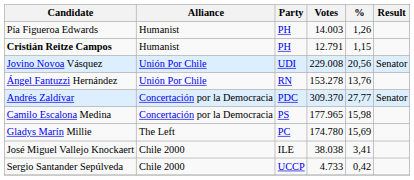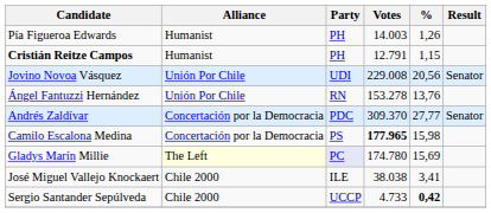 <table class="wikitable sortable" style="font-size: 95%;">
 <tr>
 <th>Candidate</th>
 <th>Alliance</th>
 <th>Party</th>
 <th>Votes</th>
 <th>%</th>
 <th>Result</th>
 </tr>
 <tr>
 <td>Pía Figueroa Edwards</td>
 <td>Humanist</td>
 <td><a href='#'>PH</a></td>
 <td align=right>14.003</td>
 <td align=right>1,26</td>
 <td></td>
 </tr>
 <tr>
 <td><strong>Cristián Reitze Campos</strong></td>
 <td>Humanist</td>
 <td><a href='#'>PH</a></td>
 <td align=right>12.791</td>
 <td align=right>1,15</td>
 <td></td>
 </tr>
 <tr bgcolor=#DDEEFF>
 <td><a href='#'>Jovino Novoa</a> Vásquez</td>
 <td><a href='#'>Unión Por Chile</a></td>
 <td><a href='#'>UDI</a></td>
 <td align=right>229.008</td>
 <td align=right>20,56</td>
 <td>Senator</td>
 </tr>
 <tr>
 <td><a href='#'>Ángel Fantuzzi</a> Hernández</td>
 <td><a href='#'>Unión Por Chile</a></td>
 <td><a href='#'>RN</a></td>
 <td align=right>153.278</td>
 <td align=right>13,76</td>
 <td></td>
 </tr>
 <tr bgcolor=#DDEEFF>
 <td><a href='#'>Andrés Zaldívar</a></td>
 <td><a href='#'>Concertación</a> por la Democracia</td>
 <td><a href='#'>PDC</a></td>
 <td align=right>309.370</td>
 <td align=right>27,77</td>
 <td>Senator</td>
 </tr>
 <tr>
 <td><a href='#'>Camilo Escalona</a> Medina</td>
 <td><a href='#'>Concertación</a> por la Democracia</td>
 <td><a href='#'>PS</a></td>
-<td align=right>177.965</td>
+<td align=right><strong>177.965</strong></td>
 <td align=right>15,98</td>
 <td></td>
 </tr>
 <tr>
 <td><a href='#'>Gladys Marín</a> Millie</td>
-<td>The Left</td>
-<td><a href='#'>PC</a></td>
+<td style="background: lightyellow;">The Left</td>
+<td style="background: lavender;"><a href='#'>PC</a></td>
 <td align=right>174.780</td>
 <td align=right>15,69</td>
 <td></td>
 </tr>
 <tr>
 <td>José Miguel Vallejo Knockaert</td>
 <td>Chile 2000</td>
 <td>ILE</td>
 <td align=right>38.038</td>
 <td align=right>3,41</td>
 <td></td>
 </tr>
 <tr>
 <td>Sergio Santander Sepúlveda</td>
 <td>Chile 2000</td>
 <td><a href='#'>UCCP</a></td>
 <td align=right>4.733</td>
-<td align=right>0,42</td>
+<td align=right><strong>0,42</strong></td>
 <td></td>
 </tr>
 <tr>
 </tr>
 </table>
